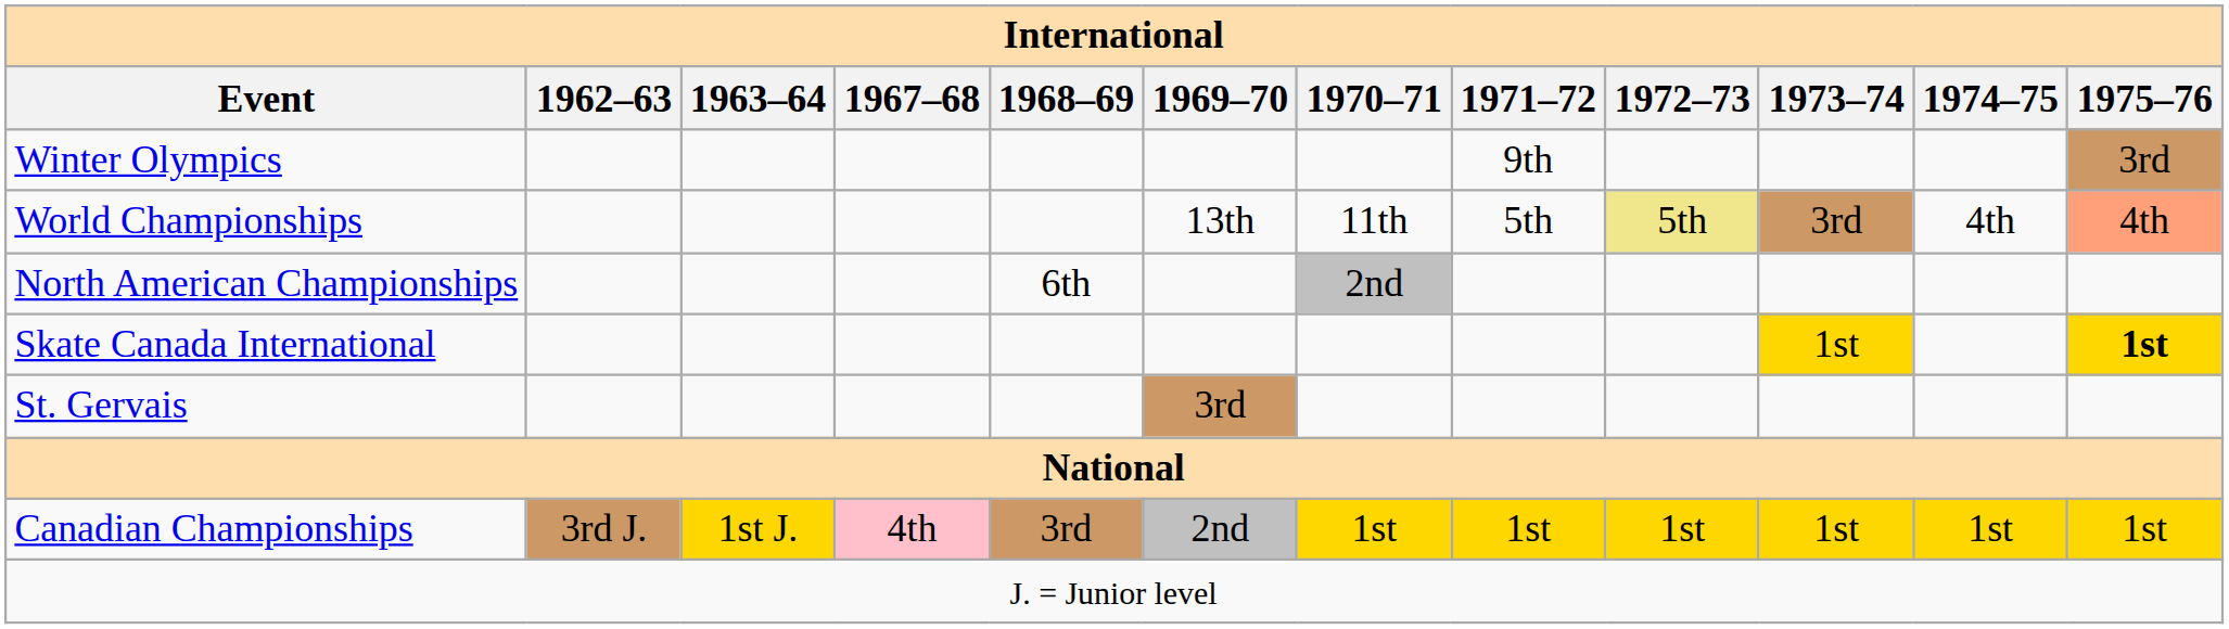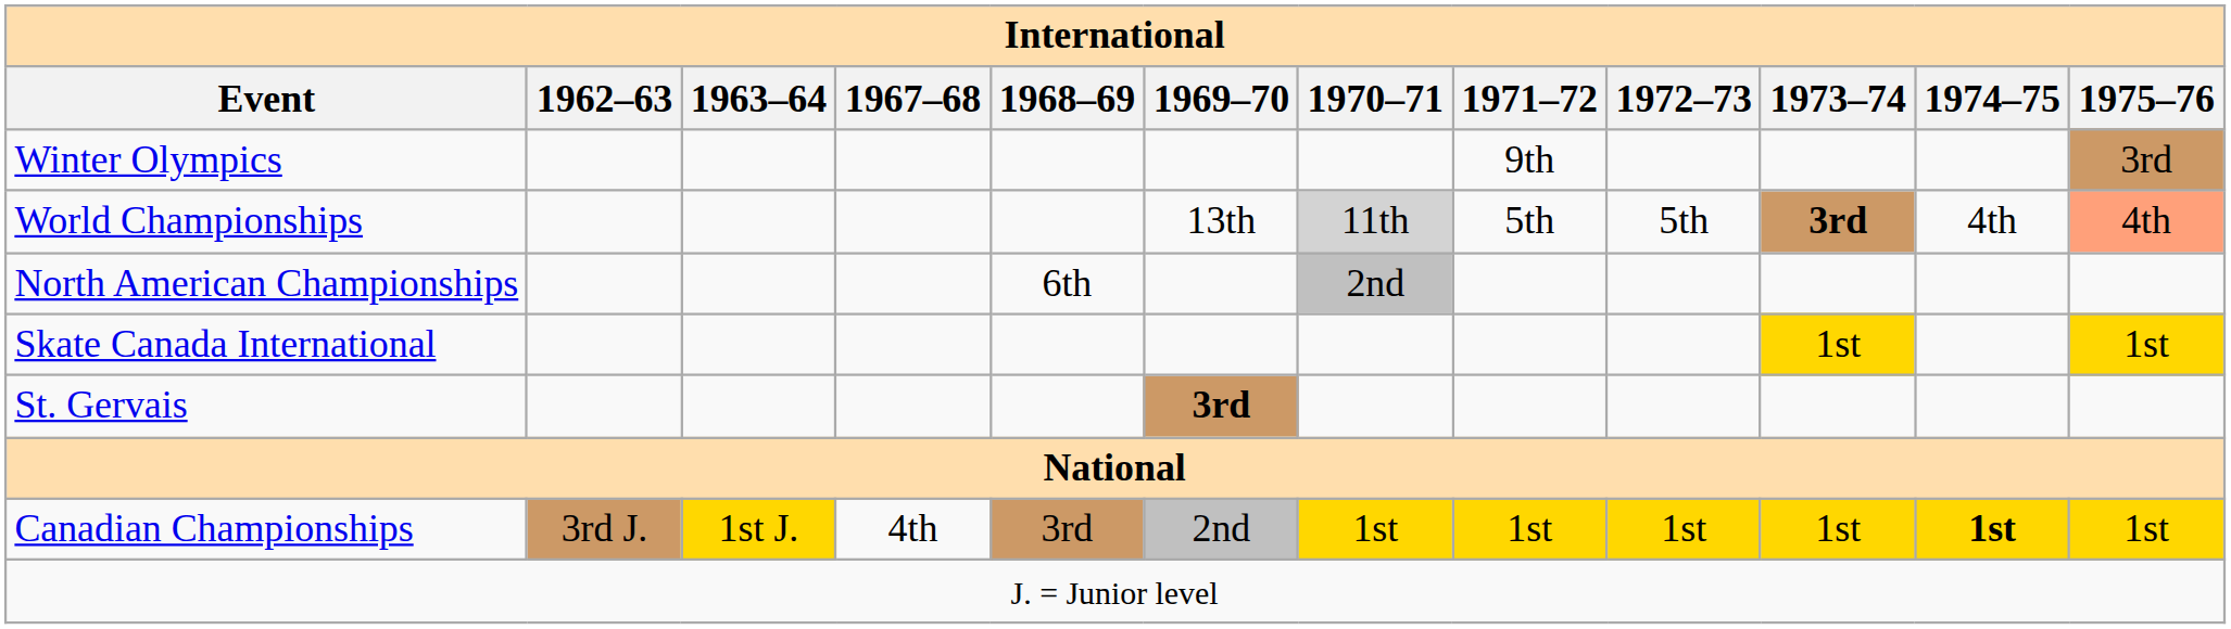 <table class="wikitable" style="text-align:center">
 <tr>
 <th style="background-color: #ffdead; " colspan=12 align=center><strong>International</strong></th>
 </tr>
 <tr>
 <th>Event</th>
 <th>1962–63</th>
 <th>1963–64</th>
 <th>1967–68</th>
 <th>1968–69</th>
 <th>1969–70</th>
 <th>1970–71</th>
 <th>1971–72</th>
 <th>1972–73</th>
 <th>1973–74</th>
 <th>1974–75</th>
 <th>1975–76</th>
 </tr>
 <tr>
 <td align=left><a href='#'>Winter Olympics</a></td>
 <td></td>
 <td></td>
 <td></td>
 <td></td>
 <td></td>
 <td></td>
 <td>9th</td>
 <td></td>
 <td></td>
 <td></td>
 <td bgcolor=cc9966>3rd</td>
 </tr>
 <tr>
 <td align=left><a href='#'>World Championships</a></td>
 <td></td>
 <td></td>
 <td></td>
 <td></td>
 <td>13th</td>
-<td>11th</td>
+<td style="background: lightgrey;">11th</td>
 <td>5th</td>
-<td style="background: khaki;">5th</td>
-<td bgcolor=cc9966>3rd</td>
+<td>5th</td>
+<td bgcolor=cc9966><strong>3rd</strong></td>
 <td>4th</td>
 <td style="background: lightsalmon;">4th</td>
 </tr>
 <tr>
 <td align=left><a href='#'>North American Championships</a></td>
 <td></td>
 <td></td>
 <td></td>
 <td>6th</td>
 <td></td>
 <td bgcolor=silver>2nd</td>
 <td></td>
 <td></td>
 <td></td>
 <td></td>
 <td></td>
 </tr>
 <tr>
 <td align=left><a href='#'>Skate Canada International</a></td>
 <td></td>
 <td></td>
 <td></td>
 <td></td>
 <td></td>
 <td></td>
 <td></td>
 <td></td>
 <td bgcolor=gold>1st</td>
 <td></td>
-<td bgcolor=gold><strong>1st</strong></td>
+<td bgcolor=gold>1st</td>
 </tr>
 <tr>
 <td align=left><a href='#'>St. Gervais</a></td>
 <td></td>
 <td></td>
 <td></td>
 <td></td>
-<td bgcolor=cc9966>3rd</td>
+<td bgcolor=cc9966><strong>3rd</strong></td>
 <td></td>
 <td></td>
 <td></td>
 <td></td>
 <td></td>
 <td></td>
 </tr>
 <tr>
 <th style="background-color: #ffdead; " colspan=12 align=center><strong>National</strong></th>
 </tr>
 <tr>
 <td align=left><a href='#'>Canadian Championships</a></td>
 <td bgcolor=cc9966>3rd J.</td>
 <td bgcolor=gold>1st J.</td>
-<td style="background: pink;">4th</td>
+<td>4th</td>
 <td bgcolor=cc9966>3rd</td>
 <td bgcolor=silver>2nd</td>
 <td bgcolor=gold>1st</td>
 <td bgcolor=gold>1st</td>
 <td bgcolor=gold>1st</td>
 <td bgcolor=gold>1st</td>
-<td bgcolor=gold>1st</td>
+<td bgcolor=gold><strong>1st</strong></td>
 <td bgcolor=gold>1st</td>
 </tr>
 <tr>
 <td colspan=12 align=center><small> J. = Junior level </small></td>
 </tr>
 </table>
